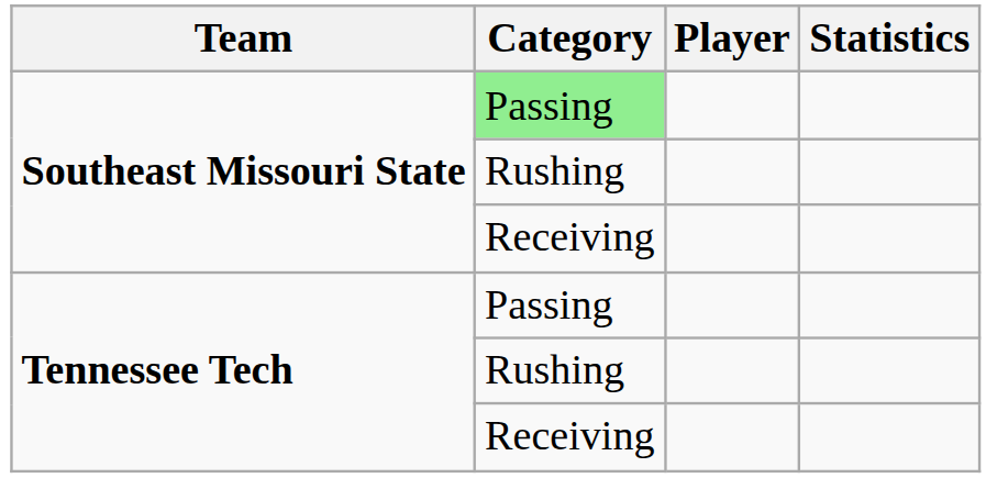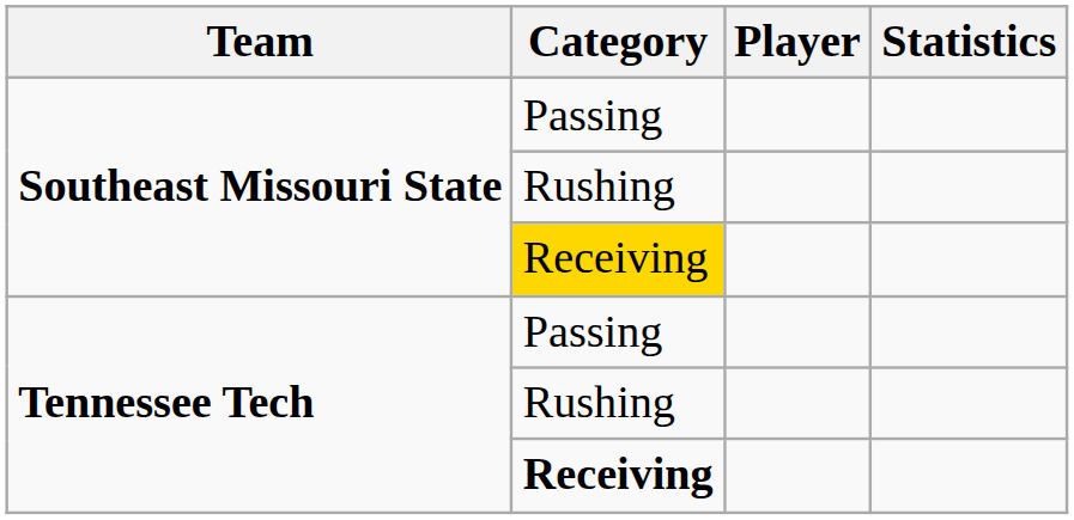 <table class="wikitable" style="float: right;">
 <tr>
 <th>Team</th>
 <th>Category</th>
 <th>Player</th>
 <th>Statistics</th>
 </tr>
 <tr>
 <td rowspan=3><strong>Southeast Missouri State</strong></td>
-<td style="background: lightgreen;">Passing</td>
+<td>Passing</td>
 <td></td>
 <td></td>
 </tr>
 <tr>
 <td>Rushing</td>
 <td></td>
 <td></td>
 </tr>
 <tr>
-<td>Receiving</td>
+<td style="background: gold;">Receiving</td>
 <td></td>
 <td></td>
 </tr>
 <tr>
 <td rowspan=3><strong>Tennessee Tech</strong></td>
 <td>Passing</td>
 <td></td>
 <td></td>
 </tr>
 <tr>
 <td>Rushing</td>
 <td></td>
 <td></td>
 </tr>
 <tr>
-<td>Receiving</td>
+<td><strong>Receiving</strong></td>
 <td></td>
 <td></td>
 </tr>
 </table>
